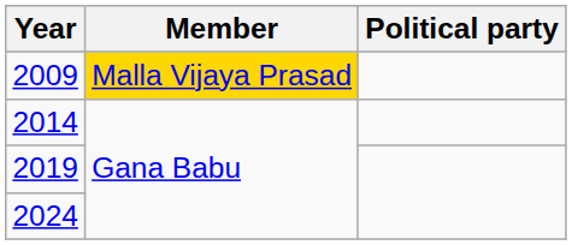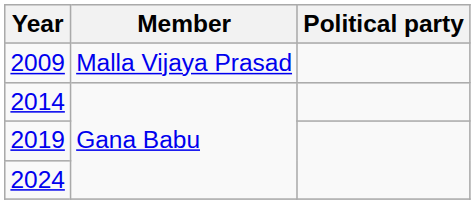 <table class="wikitable sortable">
 <tr>
 <th>Year</th>
 <th>Member</th>
 <th colspan="2">Political party</th>
 </tr>
 <tr>
 <td><a href='#'>2009</a></td>
-<td style="background: gold;"><a href='#'>Malla Vijaya Prasad</a></td>
+<td><a href='#'>Malla Vijaya Prasad</a></td>
 <td></td>
 </tr>
 <tr>
 <td><a href='#'>2014</a></td>
 <td rowspan="3"><a href='#'>Gana Babu</a></td>
 <td></td>
 </tr>
 <tr>
 <td><a href='#'>2019</a></td>
 </tr>
 <tr>
 <td><a href='#'>2024</a></td>
 </tr>
 </table>
